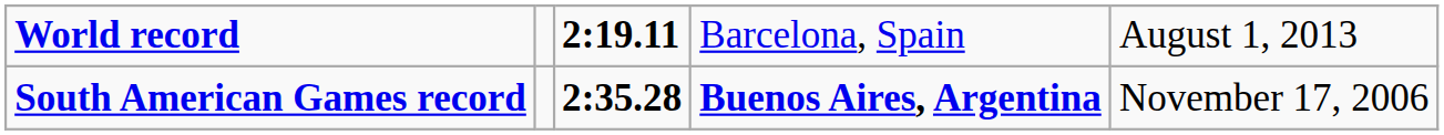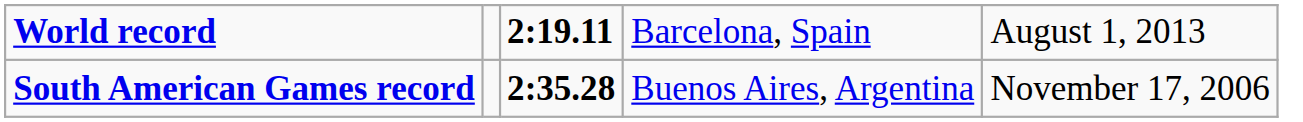 <table class="wikitable">
 <tr>
 <td><strong><a href='#'>World record</a></strong></td>
 <td></td>
 <td><strong>2:19.11</strong></td>
 <td><a href='#'>Barcelona</a>, <a href='#'>Spain</a></td>
 <td>August 1, 2013</td>
 </tr>
 <tr>
 <td><strong><a href='#'>South American Games record</a></strong></td>
 <td></td>
 <td><strong>2:35.28</strong></td>
-<td><strong><a href='#'>Buenos Aires</a>, <a href='#'>Argentina</a></strong></td>
+<td><a href='#'>Buenos Aires</a>, <a href='#'>Argentina</a></td>
 <td>November 17, 2006</td>
 </tr>
 </table>
